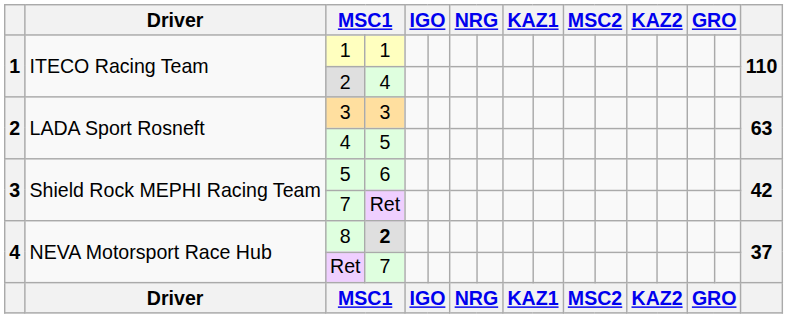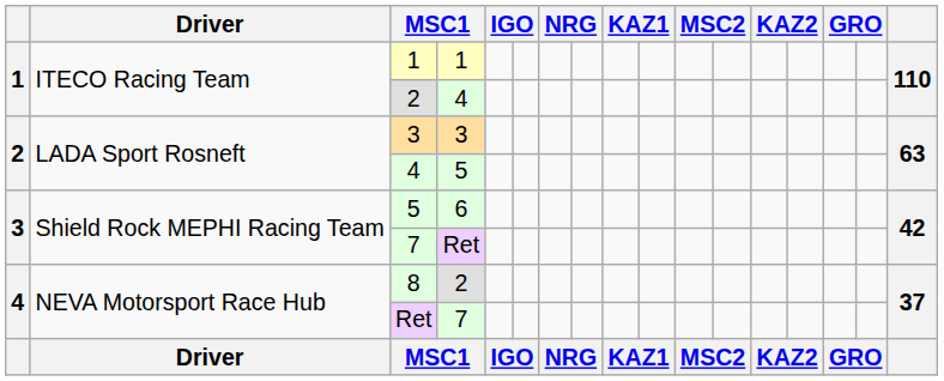 <table align=left| class="wikitable" style="font-size: 85%; text-align: center">
 <tr valign="top">
 <th valign="middle"></th>
 <th valign="middle">Driver</th>
 <th colspan=2><a href='#'>MSC1</a></th>
 <th colspan=2><a href='#'>IGO</a></th>
 <th colspan=2><a href='#'>NRG</a></th>
 <th colspan=2><a href='#'>KAZ1</a></th>
 <th colspan=2><a href='#'>MSC2</a></th>
 <th colspan=2><a href='#'>KAZ2</a></th>
 <th colspan=2><a href='#'>GRO</a></th>
 <th valign="middle"></th>
 </tr>
 <tr>
 <th rowspan="2">1</th>
 <td rowspan="2" align=left>ITECO Racing Team</td>
 <td style="background:#ffffbf;">1</td>
 <td style="background:#ffffbf;">1</td>
 <td></td>
 <td></td>
 <td></td>
 <td></td>
 <td></td>
 <td></td>
 <td></td>
 <td></td>
 <td></td>
 <td></td>
 <td></td>
 <td></td>
 <th rowspan="2">110</th>
 </tr>
 <tr>
 <td style="background:#dfdfdf;">2</td>
 <td style="background:#dfffdf;">4</td>
 <td></td>
 <td></td>
 <td></td>
 <td></td>
 <td></td>
 <td></td>
 <td></td>
 <td></td>
 <td></td>
 <td></td>
 <td></td>
 <td></td>
 </tr>
 <tr>
 <th rowspan="2">2</th>
 <td rowspan="2" align=left>LADA Sport Rosneft</td>
 <td style="background:#ffdf9f;">3</td>
 <td style="background:#ffdf9f;">3</td>
 <td></td>
 <td></td>
 <td></td>
 <td></td>
 <td></td>
 <td></td>
 <td></td>
 <td></td>
 <td></td>
 <td></td>
 <td></td>
 <td></td>
 <th rowspan="2">63</th>
 </tr>
 <tr>
 <td style="background:#dfffdf;">4</td>
 <td style="background:#dfffdf;">5</td>
 <td></td>
 <td></td>
 <td></td>
 <td></td>
 <td></td>
 <td></td>
 <td></td>
 <td></td>
 <td></td>
 <td></td>
 <td></td>
 <td></td>
 </tr>
 <tr>
 <th rowspan="2">3</th>
 <td rowspan="2" align=left>Shield Rock MEPHI Racing Team</td>
 <td style="background:#dfffdf;">5</td>
 <td style="background:#dfffdf;">6</td>
 <td></td>
 <td></td>
 <td></td>
 <td></td>
 <td></td>
 <td></td>
 <td></td>
 <td></td>
 <td></td>
 <td></td>
 <td></td>
 <td></td>
 <th rowspan="2">42</th>
 </tr>
 <tr>
 <td style="background:#dfffdf;">7</td>
 <td style="background:#efcfff;">Ret</td>
 <td></td>
 <td></td>
 <td></td>
 <td></td>
 <td></td>
 <td></td>
 <td></td>
 <td></td>
 <td></td>
 <td></td>
 <td></td>
 <td></td>
 </tr>
 <tr>
 <th rowspan="2">4</th>
 <td rowspan="2" align=left>NEVA Motorsport Race Hub</td>
 <td style="background:#dfffdf;">8</td>
-<td style="background:#dfdfdf;"><strong>2</strong></td>
+<td style="background:#dfdfdf;">2</td>
 <td></td>
 <td></td>
 <td></td>
 <td></td>
 <td></td>
 <td></td>
 <td></td>
 <td></td>
 <td></td>
 <td></td>
 <td></td>
 <td></td>
 <th rowspan="2">37</th>
 </tr>
 <tr>
 <td style="background:#efcfff;">Ret</td>
 <td style="background:#dfffdf;">7</td>
 <td></td>
 <td></td>
 <td></td>
 <td></td>
 <td></td>
 <td></td>
 <td></td>
 <td></td>
 <td></td>
 <td></td>
 <td></td>
 <td></td>
 </tr>
 <tr>
 <th valign="middle"></th>
 <th valign="middle">Driver</th>
 <th colspan=2><a href='#'>MSC1</a></th>
 <th colspan=2><a href='#'>IGO</a></th>
 <th colspan=2><a href='#'>NRG</a></th>
 <th colspan=2><a href='#'>KAZ1</a></th>
 <th colspan=2><a href='#'>MSC2</a></th>
 <th colspan=2><a href='#'>KAZ2</a></th>
 <th colspan=2><a href='#'>GRO</a></th>
 <th valign="middle"></th>
 </tr>
 </table>
